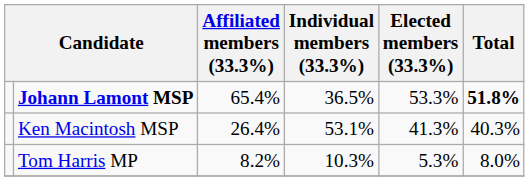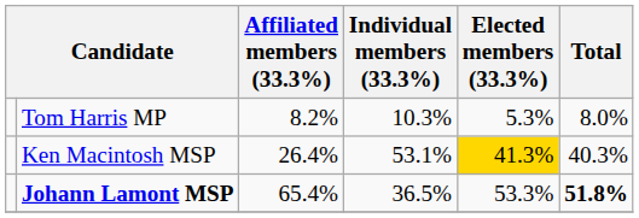 <table class="wikitable sortable" style="font-size: 95%;">
 <tr>
 <th colspan="2" scope="col">Candidate<br></th>
 <th scope="col"><a href='#'>Affiliated</a> <br> members<br> <strong>(33.3%)</strong></th>
 <th scope="col">Individual <br> members <br> <strong>(33.3%)</strong></th>
 <th scope="col">Elected <br>members<br> <strong>(33.3%)</strong></th>
 <th scope="col">Total</th>
 </tr>
 <tr align="right">
 <td style="background-color: "></td>
+<td scope="row" align="left"><a href='#'>Tom Harris</a> MP</td>
+<td>8.2%</td>
+<td>10.3%</td>
+<td>5.3%</td>
+<td>8.0%</td>
+</tr>
+<tr align="right">
+<td style="background-color: "></td>
+<td scope="row" align="left"><a href='#'>Ken Macintosh</a> MSP</td>
+<td>26.4%</td>
+<td>53.1%</td>
+<td style="background: gold;">41.3%</td>
+<td>40.3%</td>
+</tr>
+<tr align="right">
+<td style="background-color: "></td>
 <td scope="row" align="left"><strong><a href='#'>Johann Lamont</a> MSP</strong></td>
 <td>65.4%</td>
 <td>36.5%</td>
 <td>53.3%</td>
 <td><strong>51.8%</strong></td>
 </tr>
-<tr align="right">
-<td style="background-color: "></td>
-<td scope="row" align="left"><a href='#'>Ken Macintosh</a> MSP</td>
-<td>26.4%</td>
-<td>53.1%</td>
-<td>41.3%</td>
-<td>40.3%</td>
-</tr>
-<tr align="right">
-<td style="background-color: "></td>
-<td scope="row" align="left"><a href='#'>Tom Harris</a> MP</td>
-<td>8.2%</td>
-<td>10.3%</td>
-<td>5.3%</td>
-<td>8.0%</td>
-</tr>
 <tr>
 </tr>
 </table>
